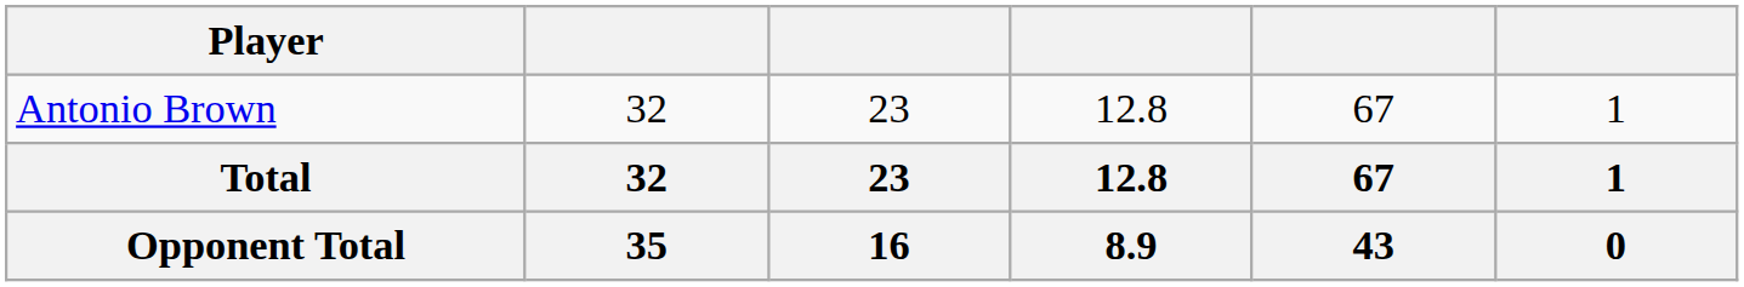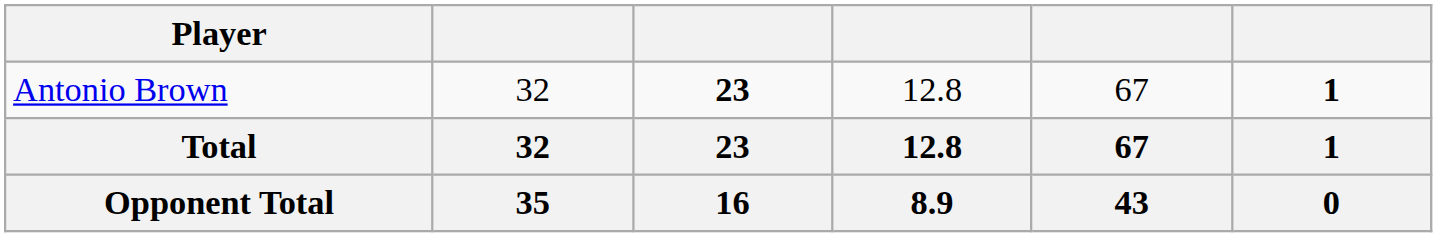 <table class="wikitable" style="text-align:center; width:50%; font-size:95%;">
 <tr>
 <th width="30%">Player</th>
 <th width="14%"></th>
 <th width="14%"></th>
 <th width="14%"></th>
 <th width="14%"></th>
 <th width="14%"></th>
 </tr>
 <tr>
 <td align=left><a href='#'>Antonio Brown</a></td>
 <td>32</td>
-<td>23</td>
+<td><strong>23</strong></td>
 <td>12.8</td>
 <td>67</td>
-<td>1</td>
+<td><strong>1</strong></td>
 </tr>
 <tr>
 <th>Total</th>
 <th>32</th>
 <th>23</th>
 <th>12.8</th>
 <th>67</th>
 <th>1</th>
 </tr>
 <tr>
 <th>Opponent Total</th>
 <th>35</th>
 <th>16</th>
 <th>8.9</th>
 <th>43</th>
 <th>0</th>
 </tr>
 </table>
